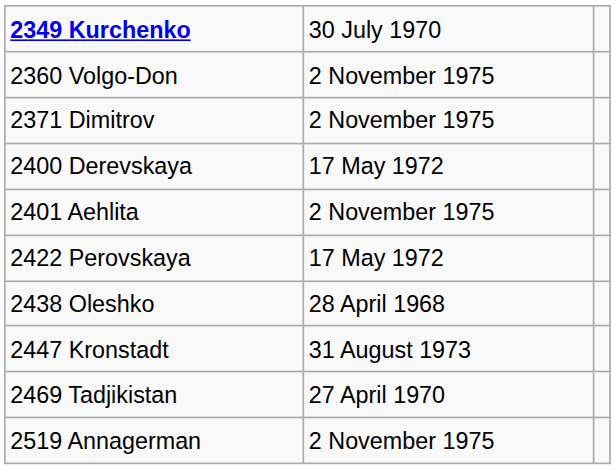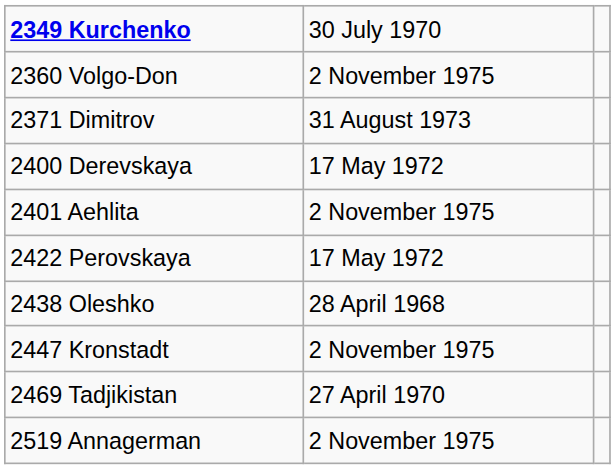 <table class="wikitable" style="font-size: 89%; float: left; width: 26em; margin-right: 1em; height: 280px;">
 <tr>
 <td><strong><a href='#'>2349 Kurchenko</a></strong></td>
 <td>30 July 1970</td>
 <td></td>
 </tr>
 <tr>
 <td>2360 Volgo-Don</td>
 <td>2 November 1975</td>
 <td></td>
 </tr>
 <tr>
 <td>2371 Dimitrov</td>
-<td>2 November 1975</td>
+<td>31 August 1973</td>
 <td></td>
 </tr>
 <tr>
 <td>2400 Derevskaya</td>
 <td>17 May 1972</td>
 <td></td>
 </tr>
 <tr>
 <td>2401 Aehlita</td>
 <td>2 November 1975</td>
 <td></td>
 </tr>
 <tr>
 <td>2422 Perovskaya</td>
 <td>17 May 1972</td>
 <td></td>
 </tr>
 <tr>
 <td>2438 Oleshko</td>
 <td>28 April 1968</td>
 <td></td>
 </tr>
 <tr>
 <td>2447 Kronstadt</td>
-<td>31 August 1973</td>
+<td>2 November 1975</td>
 <td></td>
 </tr>
 <tr>
 <td>2469 Tadjikistan</td>
 <td>27 April 1970</td>
 <td></td>
 </tr>
 <tr>
 <td>2519 Annagerman</td>
 <td>2 November 1975</td>
 <td></td>
 </tr>
 </table>
